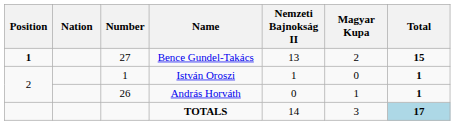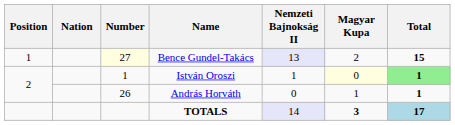 <table class="wikitable" style="font-size: 95%; text-align: center;">
 <tr>
 <th width="60">Position</th>
 <th width="60">Nation</th>
 <th width="60">Number</th>
 <th width="150">Name</th>
 <th width="80">Nemzeti Bajnokság II</th>
 <th width="80">Magyar Kupa</th>
 <th width="80">Total</th>
 </tr>
 <tr>
-<td><strong>1</strong></td>
+<td>1</td>
 <td></td>
-<td>27</td>
+<td style="background: lightyellow;">27</td>
 <td><a href='#'>Bence Gundel-Takács</a></td>
-<td>13</td>
+<td style="background: lavender;">13</td>
 <td>2</td>
 <td><strong>15</strong></td>
 </tr>
 <tr>
 <td rowspan="2">2</td>
 <td></td>
 <td>1</td>
 <td><a href='#'>István Oroszi</a></td>
 <td>1</td>
-<td>0</td>
-<td><strong>1</strong></td>
+<td style="background: lightyellow;">0</td>
+<td style="background: lightgreen;"><strong>1</strong></td>
 </tr>
 <tr>
 <td></td>
 <td>26</td>
 <td><a href='#'>András Horváth</a></td>
 <td>0</td>
 <td>1</td>
 <td><strong>1</strong></td>
 </tr>
 <tr>
 <td></td>
 <td></td>
 <td></td>
 <td><strong>TOTALS</strong></td>
-<td>14</td>
-<td>3</td>
+<td style="background: lavender;">14</td>
+<td><strong>3</strong></td>
 <td style="background: lightblue;"><strong>17</strong></td>
 </tr>
 </table>
